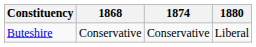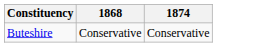 <table class="wikitable">
 <tr>
 <th>Constituency</th>
 <th>1868</th>
 <th>1874</th>
-<th>1880</th>
 </tr>
 <tr>
 <td><a href='#'>Buteshire</a></td>
 <td>Conservative</td>
 <td>Conservative</td>
-<td>Liberal</td>
 </tr>
 </table>
